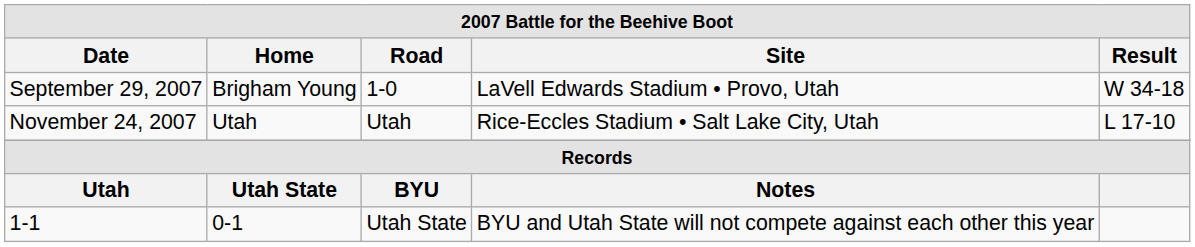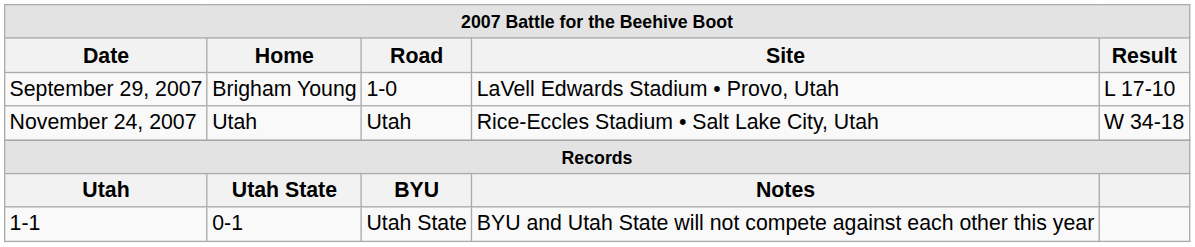 <table class="wikitable">
 <tr bgcolor=#e3e3e3 align=center>
 <td colspan=7><small><strong>2007 Battle for the Beehive Boot</strong></small></td>
 </tr>
 <tr>
 <th>Date</th>
 <th>Home</th>
 <th>Road</th>
 <th>Site</th>
 <th>Result</th>
 </tr>
 <tr>
 <td>September 29, 2007</td>
 <td>Brigham Young</td>
 <td>1-0</td>
 <td>LaVell Edwards Stadium • Provo, Utah</td>
-<td ->W 34-18</td>
+<td ->L 17-10</td>
 </tr>
 <tr>
 <td>November 24, 2007</td>
 <td>Utah</td>
 <td>Utah</td>
 <td>Rice-Eccles Stadium • Salt Lake City, Utah</td>
-<td ->L 17-10</td>
+<td ->W 34-18</td>
 </tr>
 <tr>
 </tr>
 <tr bgcolor=#e3e3e3 align=center>
 <td colspan=7><small><strong>Records</strong></small></td>
 </tr>
 <tr>
 <th>Utah</th>
 <th>Utah State</th>
 <th>BYU</th>
 <th>Notes</th>
 <th Winner></th>
 </tr>
 <tr>
 <td>1-1</td>
 <td>0-1</td>
 <td>Utah State</td>
 <td>BYU and Utah State will not compete against each other this year</td>
 <td -></td>
 </tr>
 </table>
